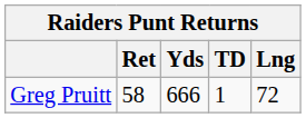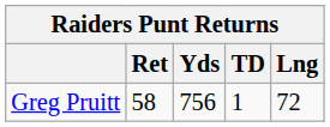 <table class="wikitable">
 <tr>
 <th colspan="5">Raiders Punt Returns</th>
 </tr>
 <tr>
 <th></th>
 <th>Ret</th>
 <th>Yds</th>
 <th>TD</th>
 <th>Lng</th>
 </tr>
 <tr>
 <td><a href='#'>Greg Pruitt</a></td>
 <td>58</td>
-<td>666</td>
+<td>756</td>
 <td>1</td>
 <td>72</td>
 </tr>
 </table>
